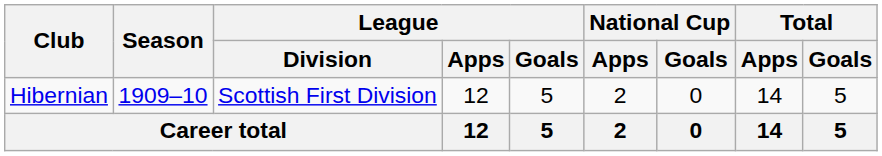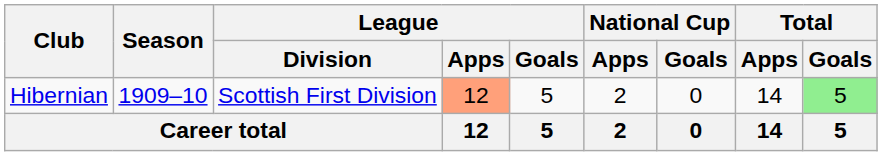 <table class="wikitable" style="text-align: center;">
 <tr>
 <th rowspan="2">Club</th>
 <th rowspan="2">Season</th>
 <th colspan="3">League</th>
 <th colspan="2">National Cup</th>
 <th colspan="2">Total</th>
 </tr>
 <tr>
 <th>Division</th>
 <th>Apps</th>
 <th>Goals</th>
 <th>Apps</th>
 <th>Goals</th>
 <th>Apps</th>
 <th>Goals</th>
 </tr>
 <tr>
 <td><a href='#'>Hibernian</a></td>
 <td><a href='#'>1909–10</a></td>
 <td><a href='#'>Scottish First Division</a></td>
-<td>12</td>
+<td style="background: lightsalmon;">12</td>
 <td>5</td>
 <td>2</td>
 <td>0</td>
 <td>14</td>
-<td>5</td>
+<td style="background: lightgreen;">5</td>
 </tr>
 <tr>
 <th colspan="3">Career total</th>
 <th>12</th>
 <th>5</th>
 <th>2</th>
 <th>0</th>
 <th>14</th>
 <th>5</th>
 </tr>
 </table>
